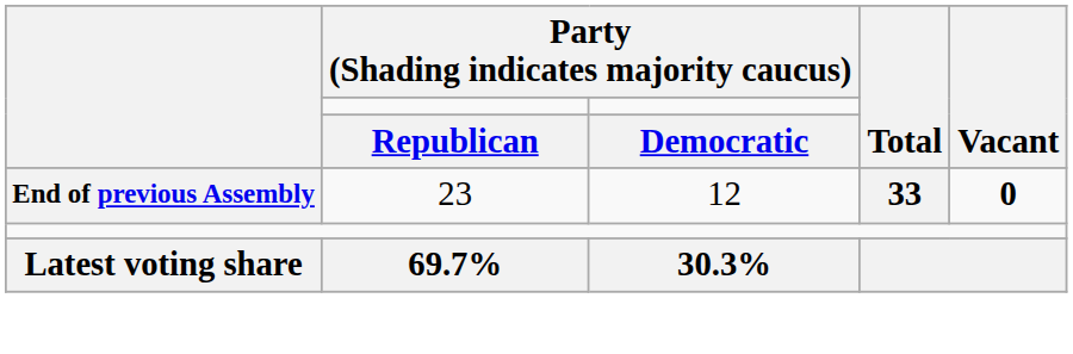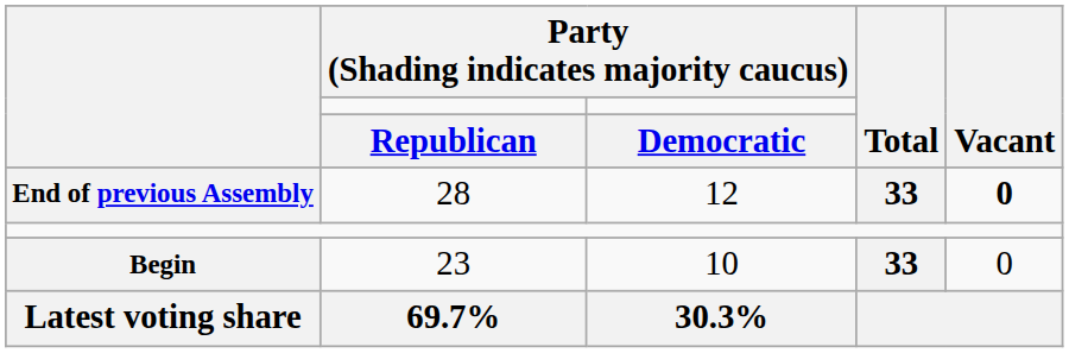 <table class=wikitable style="text-align:center">
 <tr style="vertical-align:bottom;">
 <th rowspan=3></th>
 <th colspan=2>Party <div>(Shading indicates majority caucus)</div></th>
 <th rowspan=3>Total</th>
 <th rowspan=3>Vacant</th>
 </tr>
 <tr style="height:5px">
 <td style="background-color:"></td>
 <td style="background-color:"></td>
 </tr>
 <tr>
 <th><a href='#'>Republican</a></th>
 <th><a href='#'>Democratic</a></th>
 </tr>
 <tr>
 <th nowrap style="font-size:80%">End of <a href='#'>previous Assembly</a></th>
-<td>23</td>
+<td>28</td>
 <td>12</td>
 <th>33</th>
 <td><strong>0</strong></td>
 </tr>
 <tr>
 <td colspan=5></td>
 </tr>
 <tr>
+<th nowrap style="font-size:80%">Begin</th>
+<td>23</td>
+<td>10</td>
+<th>33</th>
+<td>0</td>
+</tr>
+<tr>
 <th>Latest voting share</th>
 <th>69.7% </th>
 <th>30.3%</th>
 <th colspan=2></th>
 </tr>
 </table>
